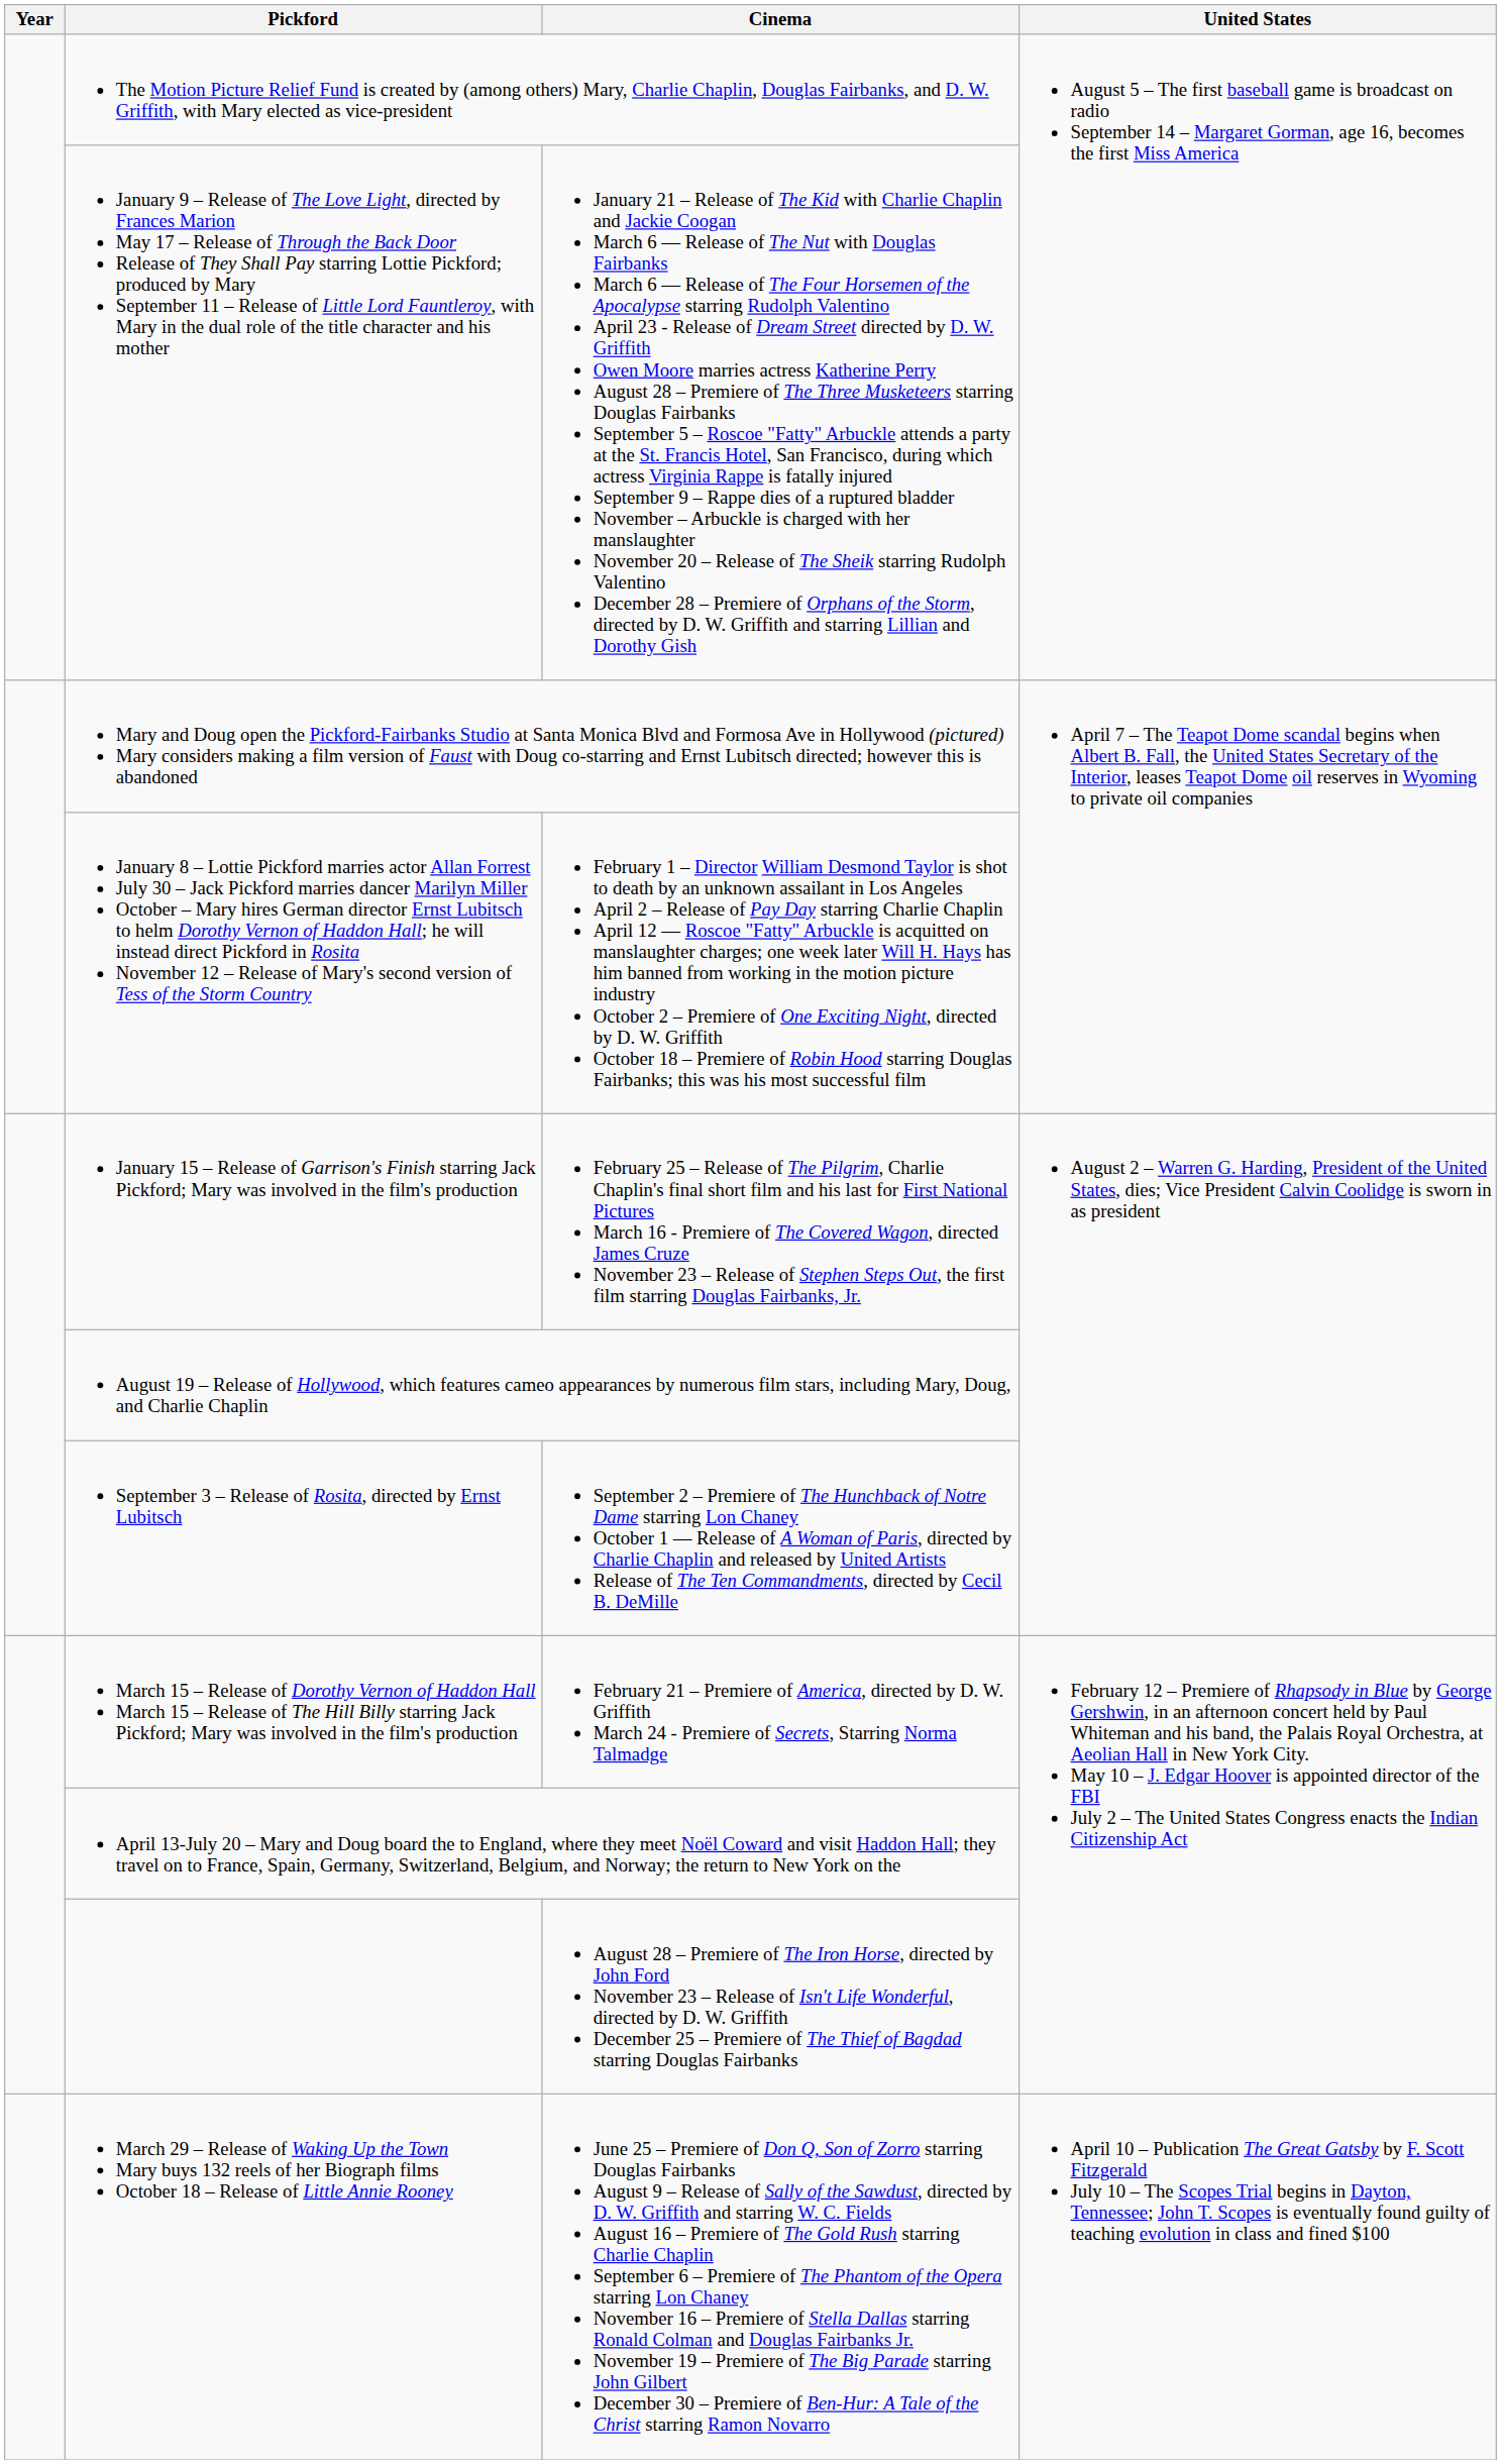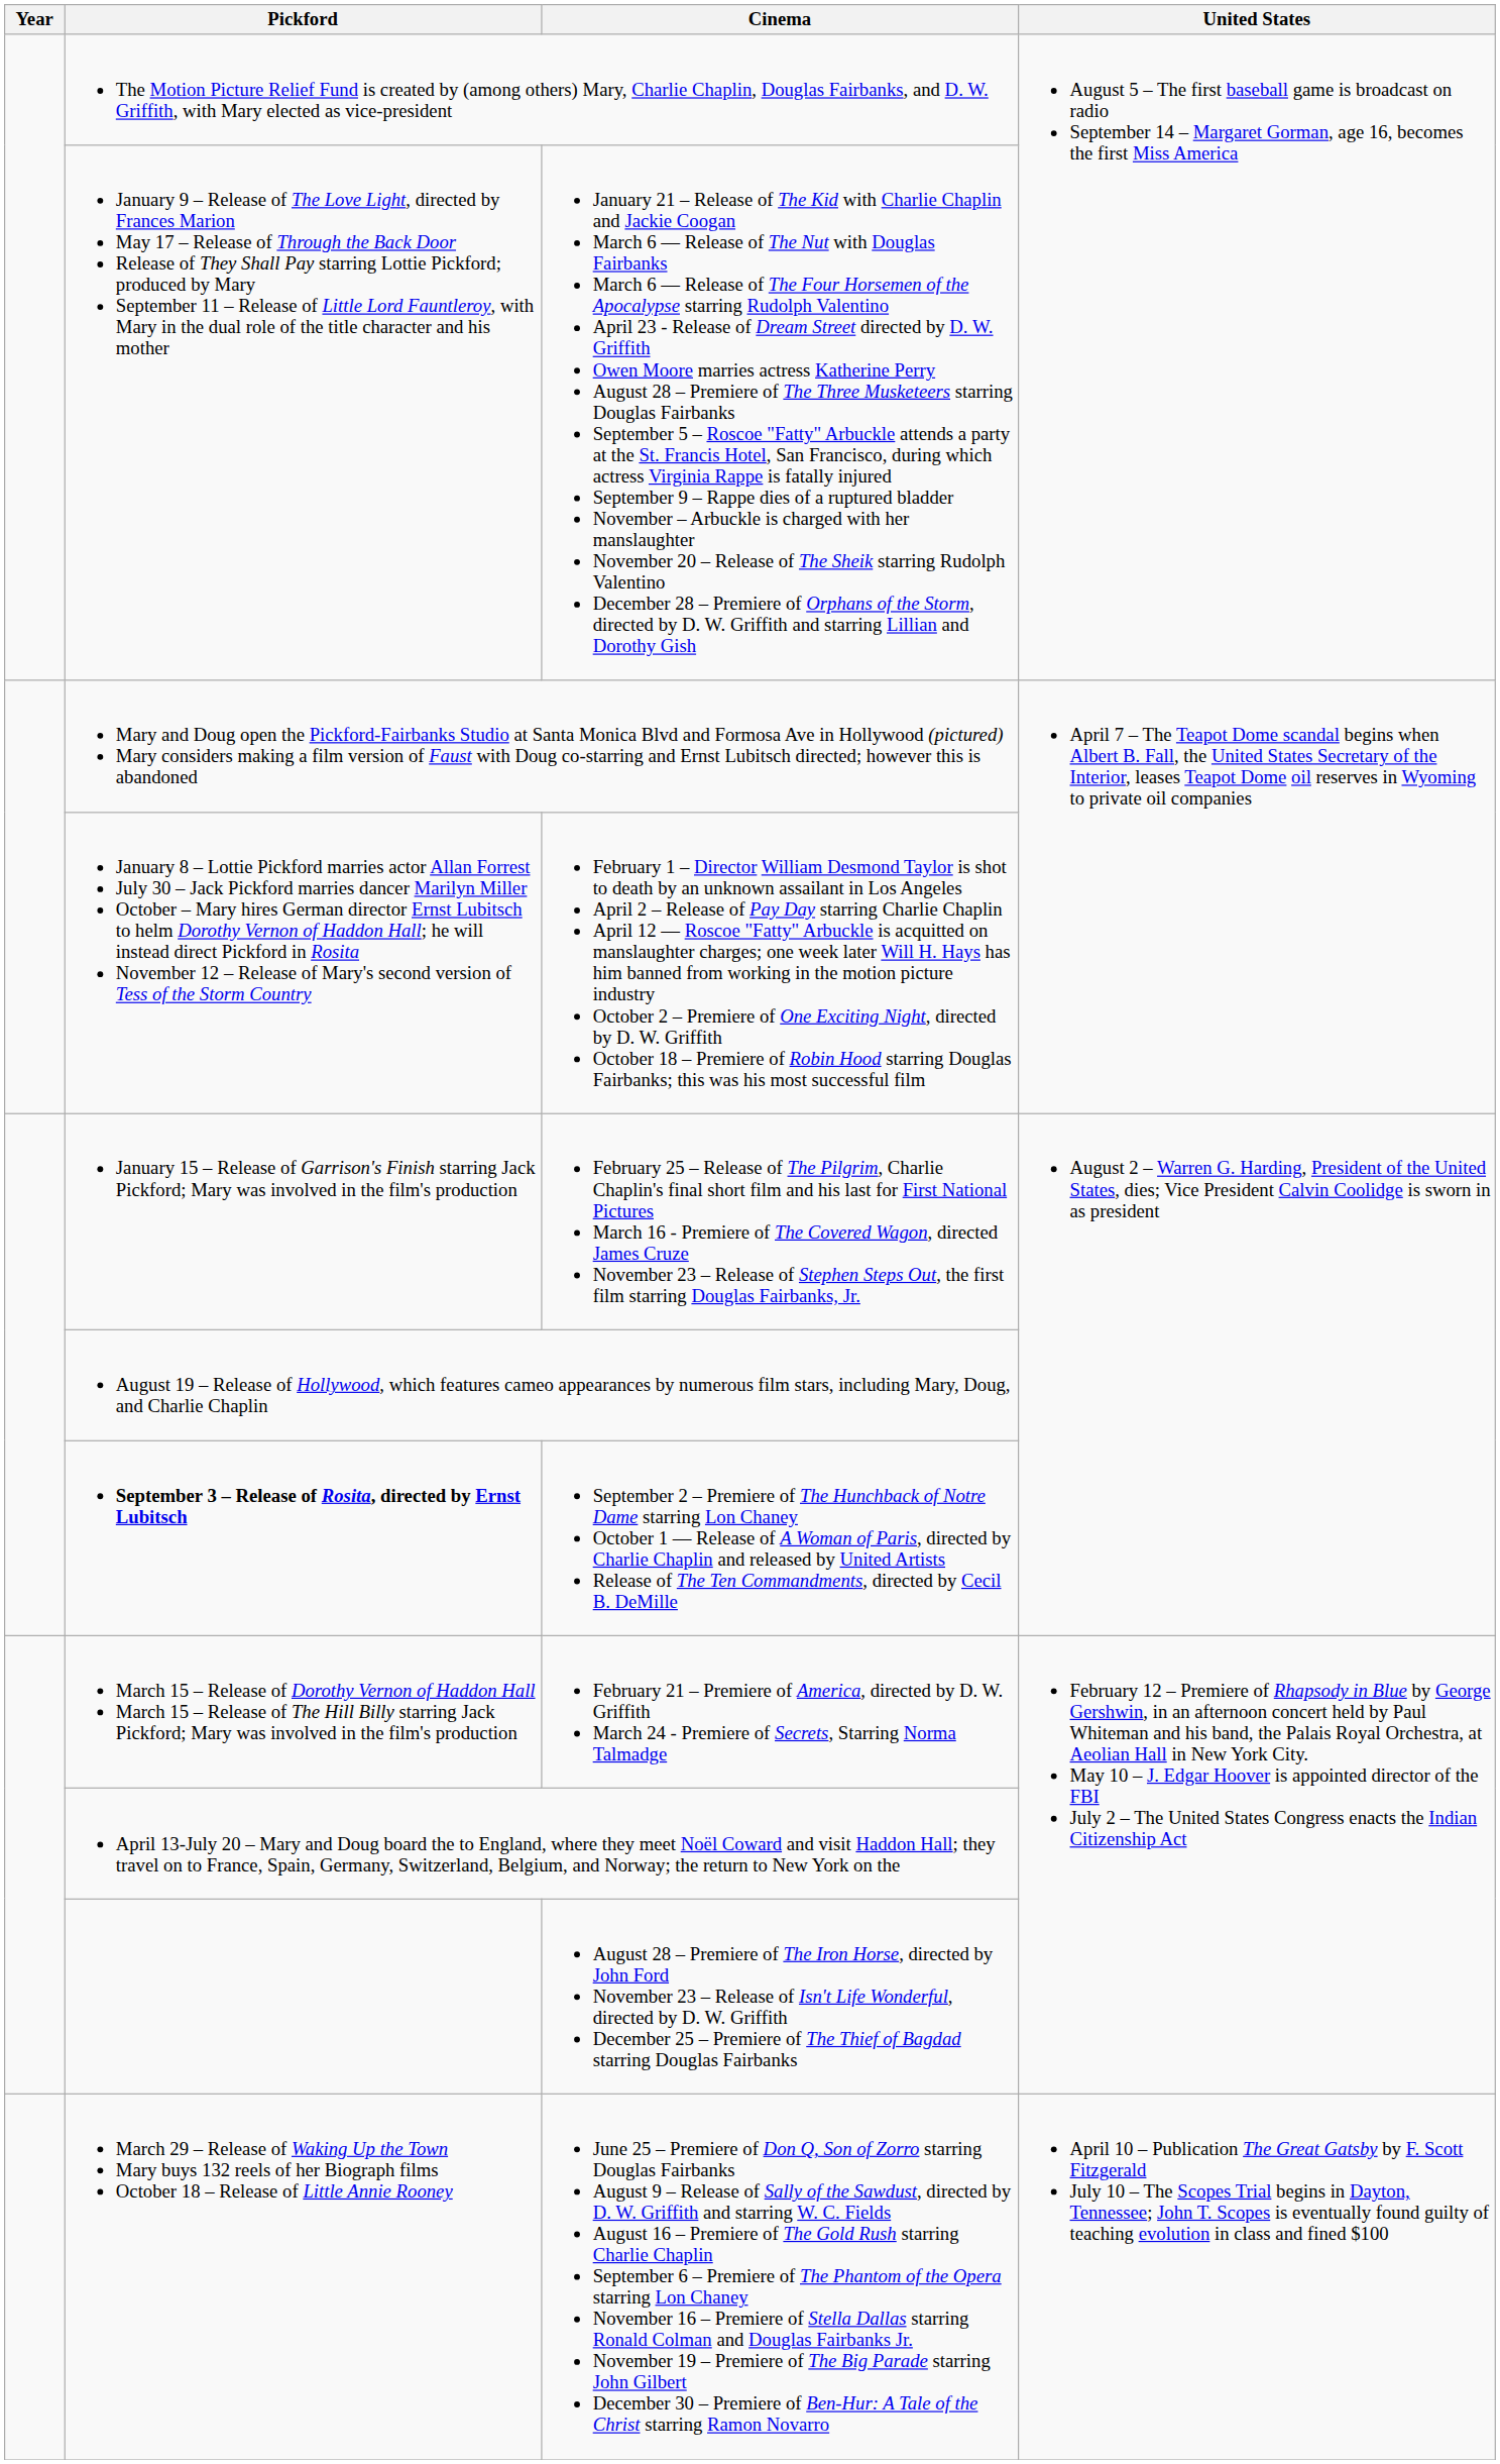 <table class="wikitable sticky-header" width=100%>
 <tr>
 <th width=4%>Year</th>
 <th width=32%>Pickford</th>
 <th width=32%>Cinema</th>
 <th width=32%>United States</th>
 </tr>
 <tr>
 <td valign=top rowspan=2><br></td>
 <td colspan=2><br><ul><li>The <a href='#'>Motion Picture Relief Fund</a> is created by (among others) Mary, <a href='#'>Charlie Chaplin</a>, <a href='#'>Douglas Fairbanks</a>, and <a href='#'>D. W. Griffith</a>, with Mary elected as vice-president</li></ul></td>
 <td valign=top rowspan=2><br><ul><li>August 5 – The first <a href='#'>baseball</a> game is broadcast on radio</li><li>September 14 – <a href='#'>Margaret Gorman</a>, age 16, becomes the first <a href='#'>Miss America</a></li></ul></td>
 </tr>
 <tr>
 <td valign=top><br><ul><li>January 9 – Release of <em><a href='#'>The Love Light</a></em>, directed by <a href='#'>Frances Marion</a></li><li>May 17 – Release of <em><a href='#'>Through the Back Door</a></em></li><li>Release of <em>They Shall Pay</em> starring Lottie Pickford; produced by Mary</li><li>September 11 – Release of <em><a href='#'>Little Lord Fauntleroy</a></em>, with Mary in the dual role of the title character and his mother</li></ul></td>
 <td><br><ul><li>January 21 – Release of <em><a href='#'>The Kid</a></em> with <a href='#'>Charlie Chaplin</a> and <a href='#'>Jackie Coogan</a></li><li>March 6 — Release of <em><a href='#'>The Nut</a></em> with <a href='#'>Douglas Fairbanks</a></li><li>March 6 — Release of <em><a href='#'>The Four Horsemen of the Apocalypse</a></em> starring <a href='#'>Rudolph Valentino</a></li><li>April 23 - Release of <em><a href='#'>Dream Street</a></em> directed by <a href='#'>D. W. Griffith</a></li><li><a href='#'>Owen Moore</a> marries actress <a href='#'>Katherine Perry</a></li><li>August 28 – Premiere of <em><a href='#'>The Three Musketeers</a></em> starring Douglas Fairbanks</li><li>September 5 – <a href='#'>Roscoe "Fatty" Arbuckle</a> attends a party at the <a href='#'>St. Francis Hotel</a>, San Francisco, during which actress <a href='#'>Virginia Rappe</a> is fatally injured</li><li>September 9 – Rappe dies of a ruptured bladder</li><li>November – Arbuckle is charged with her manslaughter</li><li>November 20 – Release of <em><a href='#'>The Sheik</a></em> starring Rudolph Valentino</li><li>December 28 – Premiere of <em><a href='#'>Orphans of the Storm</a></em>, directed by D. W. Griffith and starring <a href='#'>Lillian</a> and <a href='#'>Dorothy Gish</a></li></ul></td>
 </tr>
 <tr valign=top>
 <td rowspan=2><br></td>
 <td colspan=2><br><ul><li>Mary and Doug open the <a href='#'>Pickford-Fairbanks Studio</a> at Santa Monica Blvd and Formosa Ave in Hollywood <em>(pictured)</em></li><li>Mary considers making a film version of <em><a href='#'>Faust</a></em> with Doug co-starring and Ernst Lubitsch directed; however this is abandoned</li></ul></td>
 <td rowspan=2><br><ul><li>April 7 – The <a href='#'>Teapot Dome scandal</a> begins when <a href='#'>Albert B. Fall</a>, the <a href='#'>United States Secretary of the Interior</a>, leases <a href='#'>Teapot Dome</a> <a href='#'>oil</a> reserves in <a href='#'>Wyoming</a> to private oil companies</li></ul></td>
 </tr>
 <tr valign=top>
 <td><br><ul><li>January 8 – Lottie Pickford marries actor <a href='#'>Allan Forrest</a></li><li>July 30 – Jack Pickford marries dancer <a href='#'>Marilyn Miller</a></li><li>October – Mary hires German director <a href='#'>Ernst Lubitsch</a> to helm <em><a href='#'>Dorothy Vernon of Haddon Hall</a></em>; he will instead direct Pickford in <em><a href='#'>Rosita</a></em></li><li>November 12 – Release of Mary's second version of <em><a href='#'>Tess of the Storm Country</a></em></li></ul></td>
 <td><br><ul><li>February 1 – <a href='#'>Director</a> <a href='#'>William Desmond Taylor</a> is shot to death by an unknown assailant in Los Angeles</li><li>April 2 – Release of <em><a href='#'>Pay Day</a></em> starring Charlie Chaplin</li><li>April 12 — <a href='#'>Roscoe "Fatty" Arbuckle</a> is acquitted on manslaughter charges; one week later <a href='#'>Will H. Hays</a> has him banned from working in the motion picture industry</li><li>October 2 – Premiere of <em><a href='#'>One Exciting Night</a></em>, directed by D. W. Griffith</li><li>October 18 – Premiere of <em><a href='#'>Robin Hood</a></em> starring Douglas Fairbanks; this was his most successful film</li></ul></td>
 </tr>
 <tr valign=top>
 <td rowspan=3><br></td>
 <td><br><ul><li>January 15 – Release of <em>Garrison's Finish</em> starring Jack Pickford; Mary was involved in the film's production</li></ul></td>
 <td><br><ul><li>February 25 – Release of <em><a href='#'>The Pilgrim</a></em>, Charlie Chaplin's final short film and his last for <a href='#'>First National Pictures</a></li><li>March 16 - Premiere of <em><a href='#'>The Covered Wagon</a></em>, directed <a href='#'>James Cruze</a></li><li>November 23 – Release of <em><a href='#'>Stephen Steps Out</a></em>, the first film starring <a href='#'>Douglas Fairbanks, Jr.</a></li></ul></td>
 <td rowspan=3><br><ul><li>August 2 – <a href='#'>Warren G. Harding</a>, <a href='#'>President of the United States</a>, dies; Vice President <a href='#'>Calvin Coolidge</a> is sworn in as president</li></ul></td>
 </tr>
 <tr>
 <td valign=top colspan=2><br><ul><li>August 19 – Release of <em><a href='#'>Hollywood</a></em>, which features cameo appearances by numerous film stars, including Mary, Doug, and Charlie Chaplin</li></ul></td>
 </tr>
 <tr valign=top>
-<td><br><ul><li>September 3 – Release of <em><a href='#'>Rosita</a></em>, directed by <a href='#'>Ernst Lubitsch</a></li></ul></td>
+<td><strong><br><ul><li>September 3 – Release of <em><a href='#'>Rosita</a></em>, directed by <a href='#'>Ernst Lubitsch</a></li></ul></strong></td>
 <td><br><ul><li>September 2 – Premiere of <em><a href='#'>The Hunchback of Notre Dame</a></em> starring <a href='#'>Lon Chaney</a></li><li>October 1 — Release of <em><a href='#'>A Woman of Paris</a></em>, directed by <a href='#'>Charlie Chaplin</a> and released by <a href='#'>United Artists</a></li><li>Release of <em><a href='#'>The Ten Commandments</a></em>, directed by <a href='#'>Cecil B. DeMille</a></li></ul></td>
 </tr>
 <tr valign=top>
 <td rowspan=3><br></td>
 <td><br><ul><li>March 15 – Release of <em><a href='#'>Dorothy Vernon of Haddon Hall</a></em></li><li>March 15 – Release of <em>The Hill Billy</em> starring Jack Pickford; Mary was involved in the film's production</li></ul></td>
 <td><br><ul><li>February 21 – Premiere of <em><a href='#'>America</a></em>, directed by D. W. Griffith</li><li>March 24 - Premiere of <em><a href='#'>Secrets</a></em>, Starring <a href='#'>Norma Talmadge</a></li></ul></td>
 <td rowspan=3><br><ul><li>February 12 – Premiere of <em><a href='#'>Rhapsody in Blue</a></em> by <a href='#'>George Gershwin</a>, in an afternoon concert held by Paul Whiteman and his band, the Palais Royal Orchestra, at <a href='#'>Aeolian Hall</a> in New York City.</li><li>May 10 – <a href='#'>J. Edgar Hoover</a> is appointed director of the <a href='#'>FBI</a></li><li>July 2 – The United States Congress enacts the <a href='#'>Indian Citizenship Act</a></li></ul></td>
 </tr>
 <tr>
 <td colspan=2><br><ul><li>April 13-July 20 – Mary and Doug board the  to England, where they meet <a href='#'>Noël Coward</a> and visit <a href='#'>Haddon Hall</a>; they travel on to France, Spain, Germany, Switzerland, Belgium, and Norway; the return to New York on the </li></ul></td>
 </tr>
 <tr>
 <td></td>
 <td><br><ul><li>August 28 – Premiere of <em><a href='#'>The Iron Horse</a></em>, directed by <a href='#'>John Ford</a></li><li>November 23 – Release of <em><a href='#'>Isn't Life Wonderful</a></em>, directed by D. W. Griffith</li><li>December 25 – Premiere of <em><a href='#'>The Thief of Bagdad</a></em> starring Douglas Fairbanks</li></ul></td>
 </tr>
 <tr valign=top>
 <td><br></td>
 <td><br><ul><li>March 29 – Release of <em><a href='#'>Waking Up the Town</a></em></li><li>Mary buys 132 reels of her Biograph films</li><li>October 18 – Release of <em><a href='#'>Little Annie Rooney</a></em></li></ul></td>
 <td><br><ul><li>June 25 – Premiere of <em><a href='#'>Don Q, Son of Zorro</a></em> starring Douglas Fairbanks</li><li>August 9 – Release of <em><a href='#'>Sally of the Sawdust</a></em>, directed by <a href='#'>D. W. Griffith</a> and starring <a href='#'>W. C. Fields</a></li><li>August 16 – Premiere of <em><a href='#'>The Gold Rush</a></em> starring <a href='#'>Charlie Chaplin</a></li><li>September 6 – Premiere of <em><a href='#'>The Phantom of the Opera</a></em> starring <a href='#'>Lon Chaney</a></li><li>November 16 – Premiere of <em><a href='#'>Stella Dallas</a></em> starring <a href='#'>Ronald Colman</a> and <a href='#'>Douglas Fairbanks Jr.</a></li><li>November 19 – Premiere of <em><a href='#'>The Big Parade</a></em> starring <a href='#'>John Gilbert</a></li><li>December 30 – Premiere of <em><a href='#'>Ben-Hur: A Tale of the Christ</a></em> starring <a href='#'>Ramon Novarro</a></li></ul></td>
 <td><br><ul><li>April 10 –  Publication <em><a href='#'>The Great Gatsby</a></em> by <a href='#'>F. Scott Fitzgerald</a></li><li>July 10 – The <a href='#'>Scopes Trial</a> begins in <a href='#'>Dayton, Tennessee</a>; <a href='#'>John T. Scopes</a> is eventually found guilty of teaching <a href='#'>evolution</a> in class and fined $100</li></ul></td>
 </tr>
 </table>
